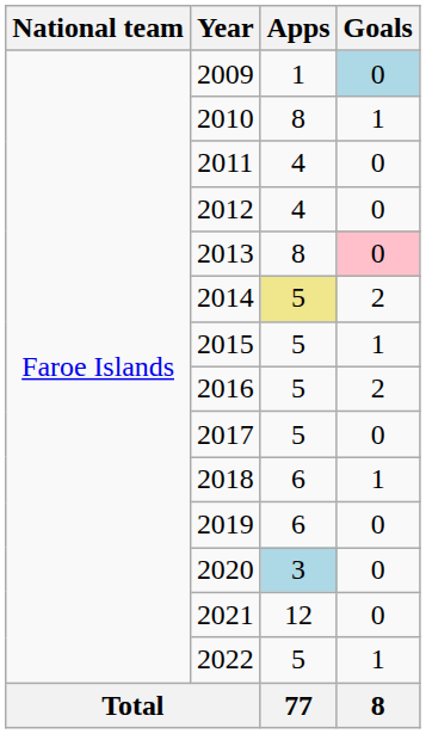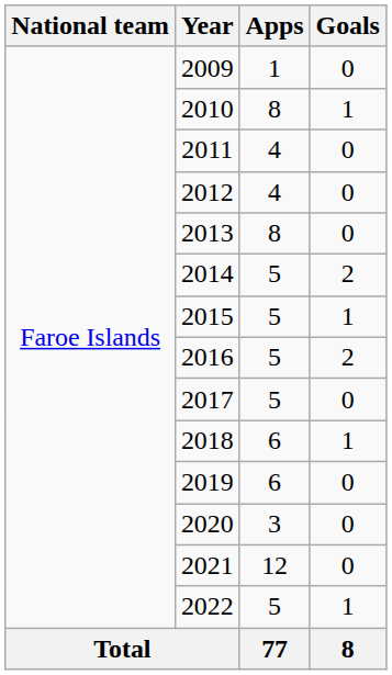 <table class="wikitable" style="text-align:center">
 <tr>
 <th>National team</th>
 <th>Year</th>
 <th>Apps</th>
 <th>Goals</th>
 </tr>
 <tr>
 <td rowspan="14"><a href='#'>Faroe Islands</a></td>
 <td>2009</td>
 <td>1</td>
-<td style="background: lightblue;">0</td>
+<td>0</td>
 </tr>
 <tr>
 <td>2010</td>
 <td>8</td>
 <td>1</td>
 </tr>
 <tr>
 <td>2011</td>
 <td>4</td>
 <td>0</td>
 </tr>
 <tr>
 <td>2012</td>
 <td>4</td>
 <td>0</td>
 </tr>
 <tr>
 <td>2013</td>
 <td>8</td>
-<td style="background: pink;">0</td>
+<td>0</td>
 </tr>
 <tr>
 <td>2014</td>
-<td style="background: khaki;">5</td>
+<td>5</td>
 <td>2</td>
 </tr>
 <tr>
 <td>2015</td>
 <td>5</td>
 <td>1</td>
 </tr>
 <tr>
 <td>2016</td>
 <td>5</td>
 <td>2</td>
 </tr>
 <tr>
 <td>2017</td>
 <td>5</td>
 <td>0</td>
 </tr>
 <tr>
 <td>2018</td>
 <td>6</td>
 <td>1</td>
 </tr>
 <tr>
 <td>2019</td>
 <td>6</td>
 <td>0</td>
 </tr>
 <tr>
 <td>2020</td>
-<td style="background: lightblue;">3</td>
+<td>3</td>
 <td>0</td>
 </tr>
 <tr>
 <td>2021</td>
 <td>12</td>
 <td>0</td>
 </tr>
 <tr>
 <td>2022</td>
 <td>5</td>
 <td>1</td>
 </tr>
 <tr>
 <th colspan="2">Total</th>
 <th>77</th>
 <th>8</th>
 </tr>
 </table>
